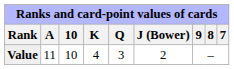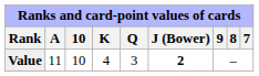 <table class="wikitable" align="float:left"  style="background-color:white">
 <tr style="background-color:#B3B7FF">
 <td colspan="9" align="center"><strong>Ranks and card-point values of cards</strong></td>
 </tr>
 <tr>
 <th>Rank</th>
 <th>A</th>
 <th> 10 </th>
 <th> K  </th>
 <th> Q  </th>
 <th>J (Bower)</th>
 <th>9</th>
 <th>8</th>
 <th>7</th>
 </tr>
 <tr align="center">
 <td style="background:#efefef;"><strong>Value</strong></td>
 <td>11</td>
 <td>10</td>
 <td>4</td>
 <td>3</td>
-<td>2</td>
+<td><strong>2</strong></td>
 <td colspan=3>–</td>
 </tr>
 </table>
